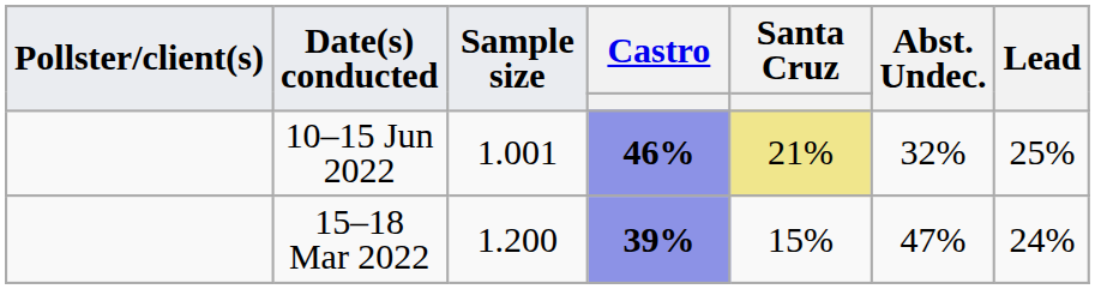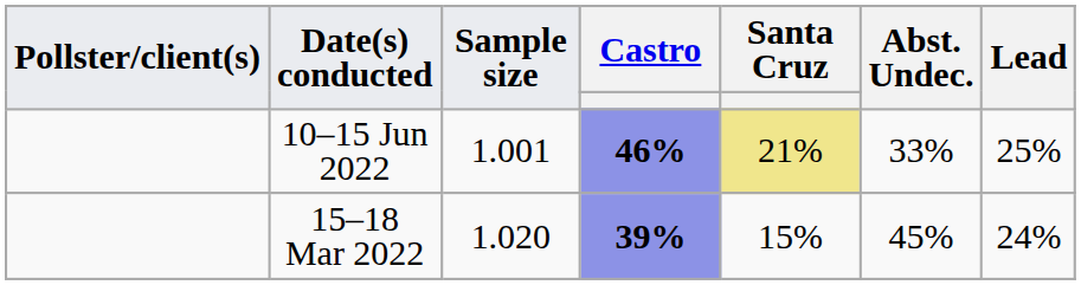 <table class="wikitable sortable" style="text-align:center;font-size:90%;line-height:14px;">
 <tr>
 <td rowspan="2" class="unsortable" style="width:50px;background:#eaecf0;"><strong>Pollster/client(s)</strong></td>
 <td rowspan="2" class="unsortable" style="width:50px;background:#eaecf0;"><strong>Date(s)<br>conducted</strong></td>
 <td rowspan="2" class="unsortable" style="width:50px;background:#eaecf0;"><strong>Sample<br>size</strong></td>
 <th class="unsortable" style="width:50px;"><a href='#'>Castro</a><br></th>
 <th class="unsortable" style="width:50px;"><strong>Santa Cruz</strong><br></th>
 <th rowspan="2" class="unsortable">Abst.<br>Undec.</th>
 <th rowspan="2" data-sort-type="number">Lead</th>
 </tr>
 <tr>
 <th class="sortable" data-sort-type="number" style="background:"></th>
 <th class="sortable" data-sort-type="number" style="background:"></th>
 </tr>
 <tr>
 <td></td>
 <td>10–15 Jun 2022</td>
 <td>1.001</td>
 <td style="background:#8c92e6;"><strong>46%</strong></td>
 <td style="background: khaki;">21%</td>
-<td>32%</td>
+<td>33%</td>
 <td style="background:">25%</td>
 </tr>
 <tr>
 <td></td>
 <td>15–18 Mar 2022</td>
-<td>1.200</td>
+<td>1.020</td>
 <td style="background:#8c92e6;"><strong>39%</strong></td>
 <td>15%</td>
-<td>47%</td>
+<td>45%</td>
 <td style="background:">24%</td>
 </tr>
 </table>
